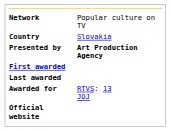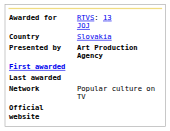 <table class=infobox style="width:19em; background:#FFFFFF; font-size:102%">
 <tr>
 <td colspan=2 style=background:#F0DC82; font-size:108%></td>
 </tr>
 <tr>
 <td colspan=2 style=background:#FFFFFF></td>
 </tr>
 <tr>
-<td style=font-size:85%><strong>Network</strong></td>
-<td style=font-size:85%>Popular culture on TV</td>
+<td style=font-size:85%><strong>Awarded for</strong></td>
+<td style=font-size:85%><a href='#'>RTVS</a>: <a href='#'>1</a><a href='#'>3</a>  <br><a href='#'>JOJ</a> </td>
 </tr>
 <tr>
 <td style=font-size:85%><strong>Country</strong></td>
 <td style=font-size:85%><a href='#'>Slovakia</a></td>
 </tr>
 <tr>
 <td style=font-size:85%><strong>Presented by</strong></td>
 <td style=font-size:85%><strong>Art Production Agency</strong></td>
 </tr>
 <tr>
 <td style=font-size:85%><strong><a href='#'>First awarded</a></strong></td>
 <td style=font-size:85%></td>
 </tr>
 <tr>
 <td style=font-size:85%><strong>Last awarded</strong></td>
 <td style=font-size:85%></td>
 </tr>
 <tr>
-<td style=font-size:85%><strong>Awarded for</strong></td>
-<td style=font-size:85%><a href='#'>RTVS</a>: <a href='#'>1</a><a href='#'>3</a>  <br><a href='#'>JOJ</a> </td>
+<td style=font-size:85%><strong>Network</strong></td>
+<td style=font-size:85%>Popular culture on TV</td>
 </tr>
 <tr>
 <td style=font-size:85%><strong>Official website</strong></td>
 <td style=font-size:85%></td>
 </tr>
 <tr>
 <td colspan=2 style=background:#FFFFFF; font-size:85%></td>
 </tr>
 </table>
